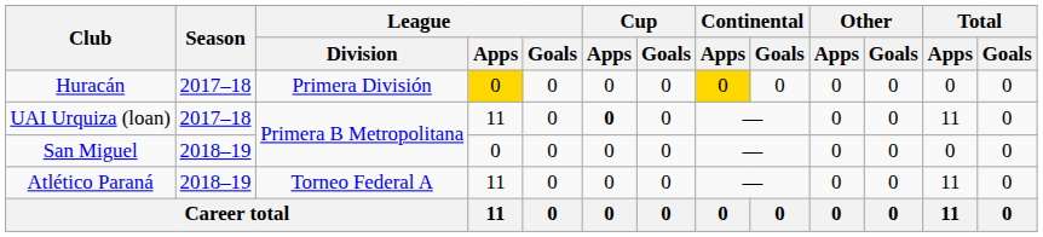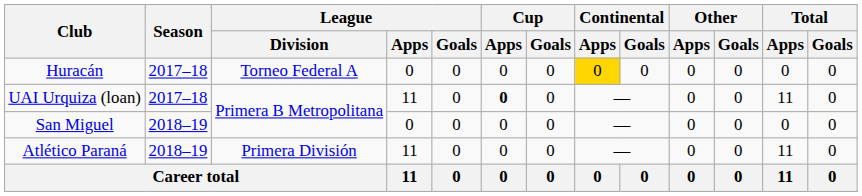 <table class="wikitable" style="text-align:center">
 <tr>
 <th rowspan="2">Club</th>
 <th rowspan="2">Season</th>
 <th colspan="3">League</th>
 <th colspan="2">Cup</th>
 <th colspan="2">Continental</th>
 <th colspan="2">Other</th>
 <th colspan="2">Total</th>
 </tr>
 <tr>
 <th>Division</th>
 <th>Apps</th>
 <th>Goals</th>
 <th>Apps</th>
 <th>Goals</th>
 <th>Apps</th>
 <th>Goals</th>
 <th>Apps</th>
 <th>Goals</th>
 <th>Apps</th>
 <th>Goals</th>
 </tr>
 <tr>
 <td rowspan="1"><a href='#'>Huracán</a></td>
 <td><a href='#'>2017–18</a></td>
-<td rowspan="1"><a href='#'>Primera División</a></td>
-<td style="background: gold;">0</td>
+<td rowspan="1"><a href='#'>Torneo Federal A</a></td>
+<td>0</td>
 <td>0</td>
 <td>0</td>
 <td>0</td>
 <td style="background: gold;">0</td>
 <td>0</td>
 <td>0</td>
 <td>0</td>
 <td>0</td>
 <td>0</td>
 </tr>
 <tr>
 <td rowspan="1"><a href='#'>UAI Urquiza</a> (loan)</td>
 <td><a href='#'>2017–18</a></td>
 <td rowspan="2"><a href='#'>Primera B Metropolitana</a></td>
 <td>11</td>
 <td>0</td>
 <td><strong>0</strong></td>
 <td>0</td>
 <td colspan="2">—</td>
 <td>0</td>
 <td>0</td>
 <td>11</td>
 <td>0</td>
 </tr>
 <tr>
 <td rowspan="1"><a href='#'>San Miguel</a></td>
 <td><a href='#'>2018–19</a></td>
 <td>0</td>
 <td>0</td>
 <td>0</td>
 <td>0</td>
 <td colspan="2">—</td>
 <td>0</td>
 <td>0</td>
 <td>0</td>
 <td>0</td>
 </tr>
 <tr>
 <td rowspan="1"><a href='#'>Atlético Paraná</a></td>
 <td><a href='#'>2018–19</a></td>
-<td rowspan="1"><a href='#'>Torneo Federal A</a></td>
+<td rowspan="1"><a href='#'>Primera División</a></td>
 <td>11</td>
 <td>0</td>
 <td>0</td>
 <td>0</td>
 <td colspan="2">—</td>
 <td>0</td>
 <td>0</td>
 <td>11</td>
 <td>0</td>
 </tr>
 <tr>
 <th colspan="3">Career total</th>
 <th>11</th>
 <th>0</th>
 <th>0</th>
 <th>0</th>
 <th>0</th>
 <th>0</th>
 <th>0</th>
 <th>0</th>
 <th>11</th>
 <th>0</th>
 </tr>
 </table>
